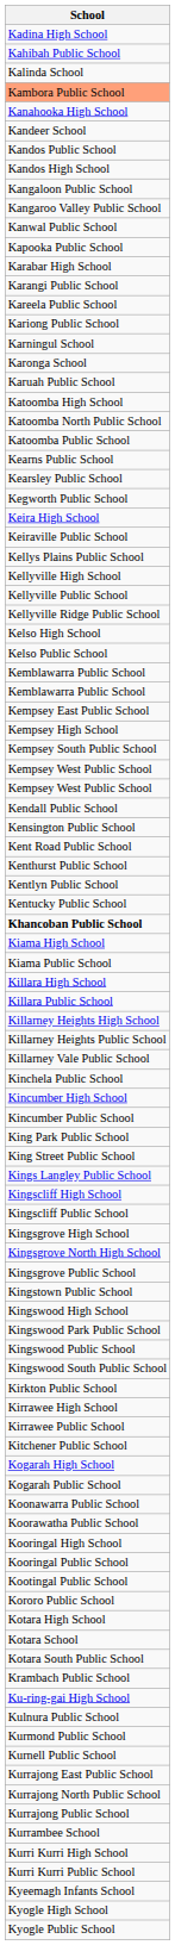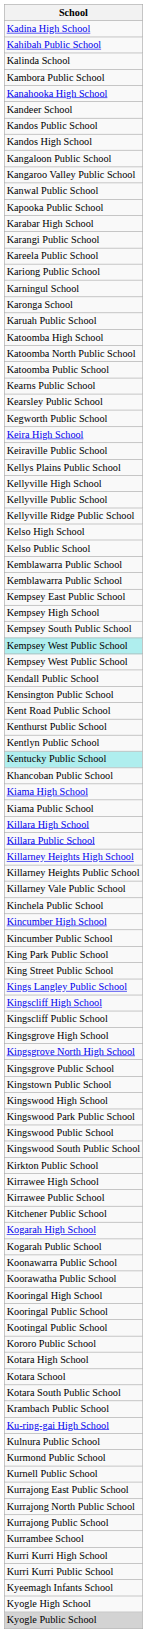 <table class="wikitable">
 <tr>
 <th>School</th>
 </tr>
 <tr>
 <td><a href='#'>Kadina High School</a></td>
 </tr>
 <tr>
 <td><a href='#'>Kahibah Public School</a></td>
 </tr>
 <tr>
 <td>Kalinda School</td>
 </tr>
 <tr>
-<td style="background: lightsalmon;">Kambora Public School</td>
+<td>Kambora Public School</td>
 </tr>
 <tr>
 <td><a href='#'>Kanahooka High School</a></td>
 </tr>
 <tr>
 <td>Kandeer School</td>
 </tr>
 <tr>
 <td>Kandos Public School</td>
 </tr>
 <tr>
 <td>Kandos High School</td>
 </tr>
 <tr>
 <td>Kangaloon Public School</td>
 </tr>
 <tr>
 <td>Kangaroo Valley Public School</td>
 </tr>
 <tr>
 <td>Kanwal Public School</td>
 </tr>
 <tr>
 <td>Kapooka Public School</td>
 </tr>
 <tr>
 <td>Karabar High School</td>
 </tr>
 <tr>
 <td>Karangi Public School</td>
 </tr>
 <tr>
 <td>Kareela Public School</td>
 </tr>
 <tr>
 <td>Kariong Public School</td>
 </tr>
 <tr>
 <td>Karningul School</td>
 </tr>
 <tr>
 <td>Karonga School</td>
 </tr>
 <tr>
 <td>Karuah Public School</td>
 </tr>
 <tr>
 <td>Katoomba High School</td>
 </tr>
 <tr>
 <td>Katoomba North Public School</td>
 </tr>
 <tr>
 <td>Katoomba Public School</td>
 </tr>
 <tr>
 <td>Kearns Public School</td>
 </tr>
 <tr>
 <td>Kearsley Public School</td>
 </tr>
 <tr>
 <td>Kegworth Public School</td>
 </tr>
 <tr>
 <td><a href='#'>Keira High School</a></td>
 </tr>
 <tr>
 <td>Keiraville Public School</td>
 </tr>
 <tr>
 <td>Kellys Plains Public School</td>
 </tr>
 <tr>
 <td>Kellyville High School</td>
 </tr>
 <tr>
 <td>Kellyville Public School</td>
 </tr>
 <tr>
 <td>Kellyville Ridge Public School</td>
 </tr>
 <tr>
 <td>Kelso High School</td>
 </tr>
 <tr>
 <td>Kelso Public School</td>
 </tr>
 <tr>
 <td>Kemblawarra Public School</td>
 </tr>
 <tr>
 <td>Kemblawarra Public School</td>
 </tr>
 <tr>
 <td>Kempsey East Public School</td>
 </tr>
 <tr>
 <td>Kempsey High School</td>
 </tr>
 <tr>
 <td>Kempsey South Public School</td>
 </tr>
 <tr>
-<td>Kempsey West Public School</td>
+<td style="background: paleturquoise;">Kempsey West Public School</td>
 </tr>
 <tr>
 <td>Kempsey West Public School</td>
 </tr>
 <tr>
 <td>Kendall Public School</td>
 </tr>
 <tr>
 <td>Kensington Public School</td>
 </tr>
 <tr>
 <td>Kent Road Public School</td>
 </tr>
 <tr>
 <td>Kenthurst Public School</td>
 </tr>
 <tr>
 <td>Kentlyn Public School</td>
 </tr>
 <tr>
-<td>Kentucky Public School</td>
+<td style="background: paleturquoise;">Kentucky Public School</td>
 </tr>
 <tr>
-<td><strong>Khancoban Public School</strong></td>
+<td>Khancoban Public School</td>
 </tr>
 <tr>
 <td><a href='#'>Kiama High School</a></td>
 </tr>
 <tr>
 <td>Kiama Public School</td>
 </tr>
 <tr>
 <td><a href='#'>Killara High School</a></td>
 </tr>
 <tr>
 <td><a href='#'>Killara Public School</a></td>
 </tr>
 <tr>
 <td><a href='#'>Killarney Heights High School</a></td>
 </tr>
 <tr>
 <td>Killarney Heights Public School</td>
 </tr>
 <tr>
 <td>Killarney Vale Public School</td>
 </tr>
 <tr>
 <td>Kinchela Public School</td>
 </tr>
 <tr>
 <td><a href='#'>Kincumber High School</a></td>
 </tr>
 <tr>
 <td>Kincumber Public School</td>
 </tr>
 <tr>
 <td>King Park Public School</td>
 </tr>
 <tr>
 <td>King Street Public School</td>
 </tr>
 <tr>
 <td><a href='#'>Kings Langley Public School</a></td>
 </tr>
 <tr>
 <td><a href='#'>Kingscliff High School</a></td>
 </tr>
 <tr>
 <td>Kingscliff Public School</td>
 </tr>
 <tr>
 <td>Kingsgrove High School</td>
 </tr>
 <tr>
 <td><a href='#'>Kingsgrove North High School</a></td>
 </tr>
 <tr>
 <td>Kingsgrove Public School</td>
 </tr>
 <tr>
 <td>Kingstown Public School</td>
 </tr>
 <tr>
 <td>Kingswood High School</td>
 </tr>
 <tr>
 <td>Kingswood Park Public School</td>
 </tr>
 <tr>
 <td>Kingswood Public School</td>
 </tr>
 <tr>
 <td>Kingswood South Public School</td>
 </tr>
 <tr>
 <td>Kirkton Public School</td>
 </tr>
 <tr>
 <td>Kirrawee High School</td>
 </tr>
 <tr>
 <td>Kirrawee Public School</td>
 </tr>
 <tr>
 <td>Kitchener Public School</td>
 </tr>
 <tr>
 <td><a href='#'>Kogarah High School</a></td>
 </tr>
 <tr>
 <td>Kogarah Public School</td>
 </tr>
 <tr>
 <td>Koonawarra Public School</td>
 </tr>
 <tr>
 <td>Koorawatha Public School</td>
 </tr>
 <tr>
 <td>Kooringal High School</td>
 </tr>
 <tr>
 <td>Kooringal Public School</td>
 </tr>
 <tr>
 <td>Kootingal Public School</td>
 </tr>
 <tr>
 <td>Kororo Public School</td>
 </tr>
 <tr>
 <td>Kotara High School</td>
 </tr>
 <tr>
 <td>Kotara School</td>
 </tr>
 <tr>
 <td>Kotara South Public School</td>
 </tr>
 <tr>
 <td>Krambach Public School</td>
 </tr>
 <tr>
 <td><a href='#'>Ku-ring-gai High School</a></td>
 </tr>
 <tr>
 <td>Kulnura Public School</td>
 </tr>
 <tr>
 <td>Kurmond Public School</td>
 </tr>
 <tr>
 <td>Kurnell Public School</td>
 </tr>
 <tr>
 <td>Kurrajong East Public School</td>
 </tr>
 <tr>
 <td>Kurrajong North Public School</td>
 </tr>
 <tr>
 <td>Kurrajong Public School</td>
 </tr>
 <tr>
 <td>Kurrambee School</td>
 </tr>
 <tr>
 <td>Kurri Kurri High School</td>
 </tr>
 <tr>
 <td>Kurri Kurri Public School</td>
 </tr>
 <tr>
 <td>Kyeemagh Infants School</td>
 </tr>
 <tr>
 <td>Kyogle High School</td>
 </tr>
 <tr>
-<td>Kyogle Public School</td>
+<td style="background: lightgrey;">Kyogle Public School</td>
 </tr>
 </table>
